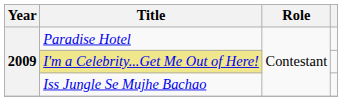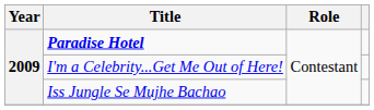 <table class="wikitable plainrowheaders sortable">
 <tr>
 <th scope="col">Year</th>
 <th scope="col">Title</th>
 <th scope="col">Role</th>
 <th scope="col" class="unsortable"></th>
 </tr>
 <tr>
 <th scope="row" rowspan="3">2009</th>
-<td><em><a href='#'>Paradise Hotel</a></em></td>
+<td><strong><em><a href='#'>Paradise Hotel</a></em></strong></td>
 <td rowspan="3">Contestant</td>
 <td></td>
 </tr>
 <tr>
-<td style="background: khaki;"><em><a href='#'>I'm a Celebrity...Get Me Out of Here!</a></em></td>
+<td><em><a href='#'>I'm a Celebrity...Get Me Out of Here!</a></em></td>
 <td></td>
 </tr>
 <tr>
 <td><em><a href='#'>Iss Jungle Se Mujhe Bachao</a></em></td>
 <td></td>
 </tr>
 <tr>
 </tr>
 </table>
